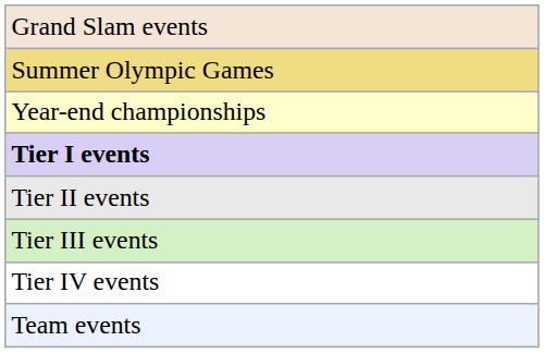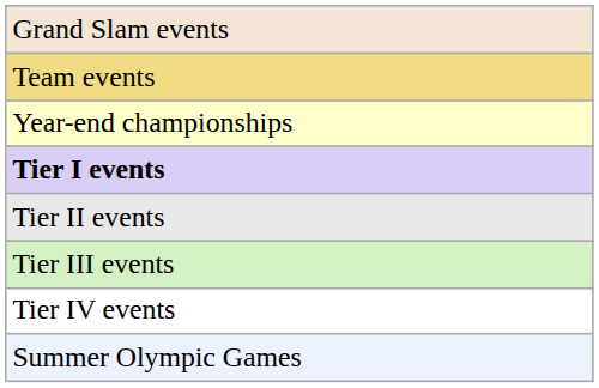 <table class="wikitable"  style="font-size:90%; width:15%;">
 <tr style="background:#F3E6D7;">
 <td>Grand Slam events</td>
 </tr>
 <tr style="background:#f0dc82;">
-<td>Summer Olympic Games</td>
+<td>Team events</td>
 </tr>
 <tr bgcolor=#FFFFCC>
 <td>Year-end championships</td>
 </tr>
 <tr style="background:#d8cef6;">
 <td><strong>Tier I events</strong></td>
 </tr>
 <tr style="background:#E9E9E9;">
 <td>Tier II events</td>
 </tr>
 <tr style="background:#d4f1c5;">
 <td>Tier III events</td>
 </tr>
 <tr style="background:#fff;">
 <td>Tier IV events</td>
 </tr>
 <tr style="background:#ECF2FF;">
-<td>Team events</td>
+<td>Summer Olympic Games</td>
 </tr>
 </table>
